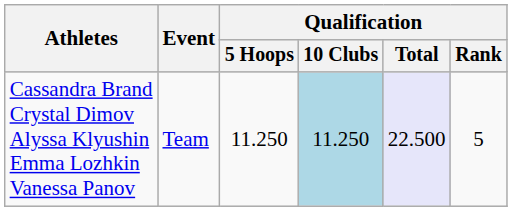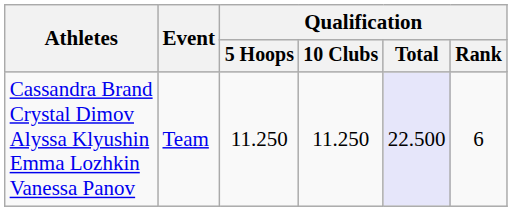 <table class="wikitable" style="font-size:90%">
 <tr>
 <th rowspan="2">Athletes</th>
 <th rowspan="2">Event</th>
 <th colspan="4">Qualification</th>
 </tr>
 <tr style="font-size:95%">
 <th>5 Hoops</th>
 <th>10 Clubs</th>
 <th>Total</th>
 <th>Rank</th>
 </tr>
 <tr align=center>
 <td align=left><a href='#'>Cassandra Brand</a><br><a href='#'>Crystal Dimov</a><br><a href='#'>Alyssa Klyushin</a><br><a href='#'>Emma Lozhkin</a><br><a href='#'>Vanessa Panov</a></td>
 <td align=left><a href='#'>Team</a></td>
 <td>11.250</td>
-<td style="background: lightblue;">11.250</td>
+<td>11.250</td>
 <td style="background: lavender;">22.500</td>
-<td>5</td>
+<td>6</td>
 </tr>
 </table>
